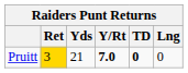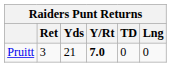 <table class="wikitable">
 <tr>
 <th colspan="6">Raiders Punt Returns</th>
 </tr>
 <tr>
 <th></th>
 <th>Ret</th>
 <th>Yds</th>
 <th>Y/Rt</th>
 <th>TD</th>
 <th>Lng</th>
 </tr>
 <tr>
 <td><a href='#'>Pruitt</a></td>
-<td style="background: gold;">3</td>
+<td>3</td>
 <td>21</td>
 <td><strong>7.0</strong></td>
-<td><strong>0</strong></td>
+<td>0</td>
 <td>0</td>
 </tr>
 </table>
